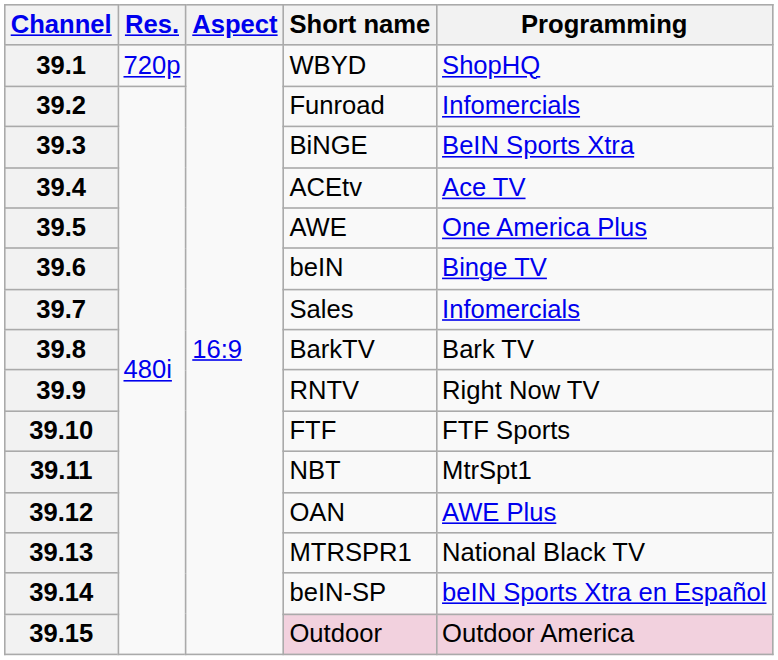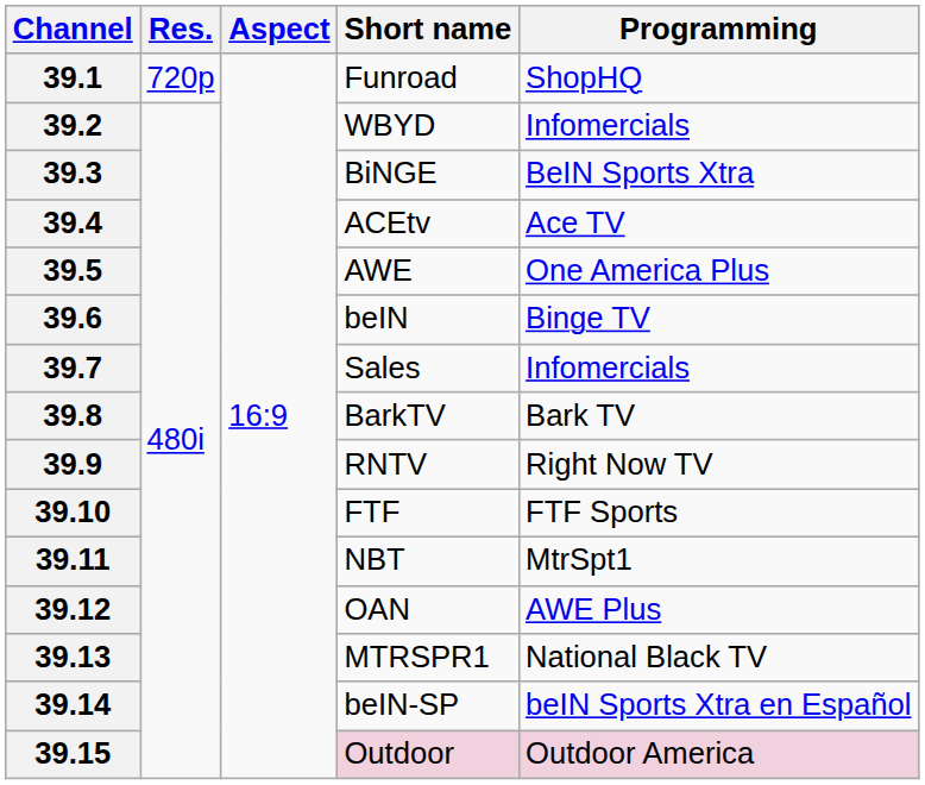 <table class="wikitable">
 <tr>
 <th scope = "col"><a href='#'>Channel</a></th>
 <th scope = "col"><a href='#'>Res.</a></th>
 <th scope = "col"><a href='#'>Aspect</a></th>
 <th scope = "col">Short name</th>
 <th scope = "col">Programming</th>
 </tr>
 <tr>
 <th scope = "row">39.1</th>
 <td><a href='#'>720p</a></td>
 <td rowspan=15><a href='#'>16:9</a></td>
-<td>WBYD</td>
+<td>Funroad</td>
 <td><a href='#'>ShopHQ</a></td>
 </tr>
 <tr>
 <th scope = "row">39.2</th>
 <td rowspan=14><a href='#'>480i</a></td>
-<td>Funroad</td>
+<td>WBYD</td>
 <td><a href='#'>Infomercials</a></td>
 </tr>
 <tr>
 <th scope = "row">39.3</th>
 <td>BiNGE</td>
 <td><a href='#'>BeIN Sports Xtra</a></td>
 </tr>
 <tr>
 <th scope = "row">39.4</th>
 <td>ACEtv</td>
 <td><a href='#'>Ace TV</a></td>
 </tr>
 <tr>
 <th scope = "row">39.5</th>
 <td>AWE</td>
 <td><a href='#'>One America Plus</a></td>
 </tr>
 <tr>
 <th scope = "row">39.6</th>
 <td>beIN</td>
 <td><a href='#'>Binge TV</a></td>
 </tr>
 <tr>
 <th scope = "row">39.7</th>
 <td>Sales</td>
 <td><a href='#'>Infomercials</a></td>
 </tr>
 <tr>
 <th scope = "row">39.8</th>
 <td>BarkTV</td>
 <td>Bark TV</td>
 </tr>
 <tr>
 <th scope = "row">39.9</th>
 <td>RNTV</td>
 <td>Right Now TV</td>
 </tr>
 <tr>
 <th scope = "row">39.10</th>
 <td>FTF</td>
 <td>FTF Sports</td>
 </tr>
 <tr>
 <th scope="row">39.11</th>
 <td>NBT</td>
 <td>MtrSpt1</td>
 </tr>
 <tr>
 <th scope = "row">39.12</th>
 <td>OAN</td>
 <td><a href='#'>AWE Plus</a></td>
 </tr>
 <tr>
 <th scope = "row">39.13</th>
 <td>MTRSPR1</td>
 <td>National Black TV</td>
 </tr>
 <tr>
 <th scope = "row">39.14</th>
 <td>beIN-SP</td>
 <td><a href='#'>beIN Sports Xtra en Español</a></td>
 </tr>
 <tr>
 <th scope = "row">39.15</th>
 <td style="background-color: #f2d1de;">Outdoor</td>
 <td style="background-color: #f2d1de;">Outdoor America </td>
 </tr>
 </table>
